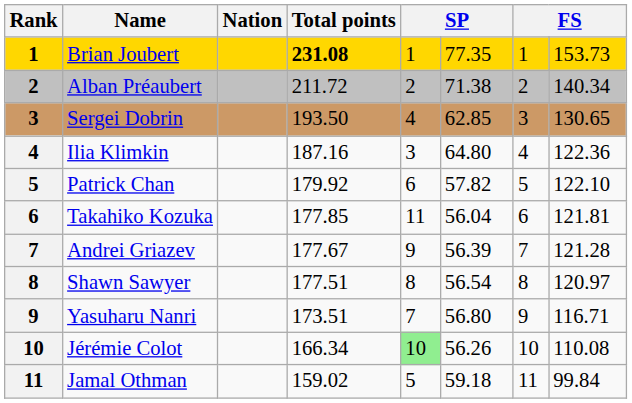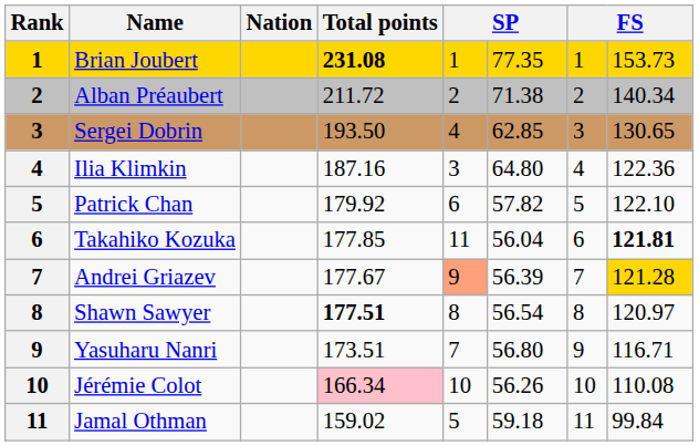 <table class="wikitable">
 <tr>
 <th>Rank</th>
 <th>Name</th>
 <th>Nation</th>
 <th>Total points</th>
 <th colspan="2" width="80px"><a href='#'>SP</a></th>
 <th colspan="2" width="80px"><a href='#'>FS</a></th>
 </tr>
 <tr bgcolor="gold">
 <td align="center"><strong>1</strong></td>
 <td><a href='#'>Brian Joubert</a></td>
 <td></td>
 <td><strong>231.08</strong></td>
 <td>1</td>
 <td>77.35</td>
 <td>1</td>
 <td>153.73</td>
 </tr>
 <tr bgcolor="silver">
 <td align="center"><strong>2</strong></td>
 <td><a href='#'>Alban Préaubert</a></td>
 <td></td>
 <td>211.72</td>
 <td>2</td>
 <td>71.38</td>
 <td>2</td>
 <td>140.34</td>
 </tr>
 <tr bgcolor="cc9966">
 <td align="center"><strong>3</strong></td>
 <td><a href='#'>Sergei Dobrin</a></td>
 <td></td>
 <td>193.50</td>
 <td>4</td>
 <td>62.85</td>
 <td>3</td>
 <td>130.65</td>
 </tr>
 <tr>
 <th>4</th>
 <td><a href='#'>Ilia Klimkin</a></td>
 <td></td>
 <td>187.16</td>
 <td>3</td>
 <td>64.80</td>
 <td>4</td>
 <td>122.36</td>
 </tr>
 <tr>
 <th>5</th>
 <td><a href='#'>Patrick Chan</a></td>
 <td></td>
 <td>179.92</td>
 <td>6</td>
 <td>57.82</td>
 <td>5</td>
 <td>122.10</td>
 </tr>
 <tr>
 <th>6</th>
 <td><a href='#'>Takahiko Kozuka</a></td>
 <td></td>
 <td>177.85</td>
 <td>11</td>
 <td>56.04</td>
 <td>6</td>
-<td>121.81</td>
+<td><strong>121.81</strong></td>
 </tr>
 <tr>
 <th>7</th>
 <td><a href='#'>Andrei Griazev</a></td>
 <td></td>
 <td>177.67</td>
-<td>9</td>
+<td style="background: lightsalmon;">9</td>
 <td>56.39</td>
 <td>7</td>
-<td>121.28</td>
+<td style="background: gold;">121.28</td>
 </tr>
 <tr>
 <th>8</th>
 <td><a href='#'>Shawn Sawyer</a></td>
 <td></td>
-<td>177.51</td>
+<td><strong>177.51</strong></td>
 <td>8</td>
 <td>56.54</td>
 <td>8</td>
 <td>120.97</td>
 </tr>
 <tr>
 <th>9</th>
 <td><a href='#'>Yasuharu Nanri</a></td>
 <td></td>
 <td>173.51</td>
 <td>7</td>
 <td>56.80</td>
 <td>9</td>
 <td>116.71</td>
 </tr>
 <tr>
 <th>10</th>
 <td><a href='#'>Jérémie Colot</a></td>
 <td></td>
-<td>166.34</td>
-<td style="background: lightgreen;">10</td>
+<td style="background: pink;">166.34</td>
+<td>10</td>
 <td>56.26</td>
 <td>10</td>
 <td>110.08</td>
 </tr>
 <tr>
 <th>11</th>
 <td><a href='#'>Jamal Othman</a></td>
 <td></td>
 <td>159.02</td>
 <td>5</td>
 <td>59.18</td>
 <td>11</td>
 <td>99.84</td>
 </tr>
 </table>
